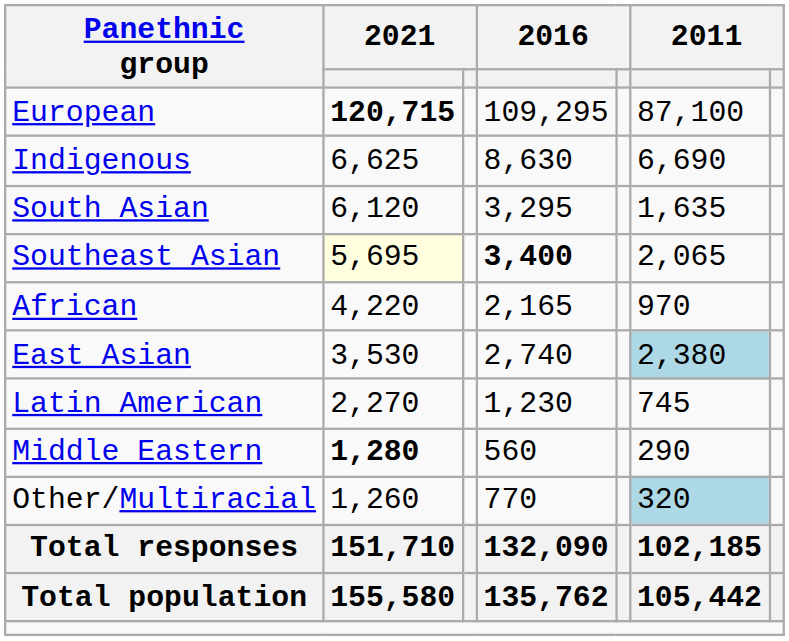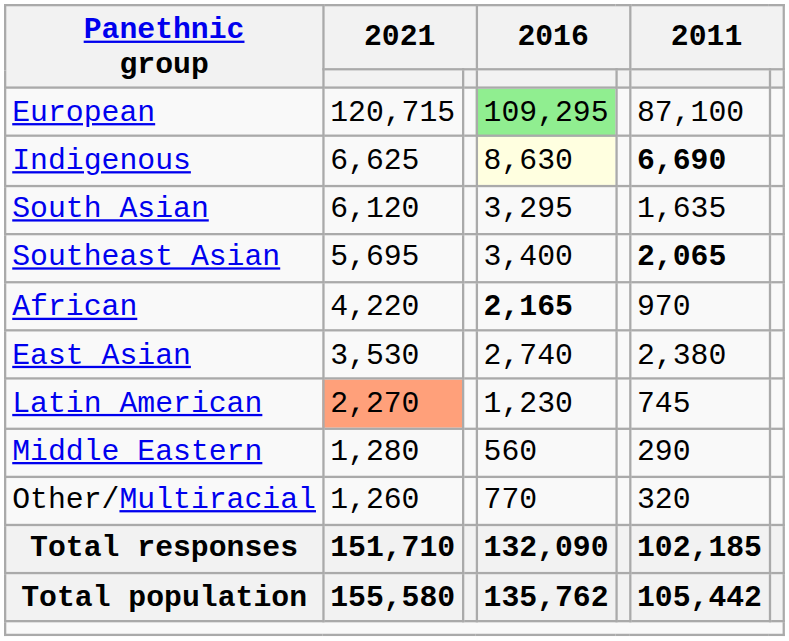 <table class="wikitable collapsible sortable">
 <tr>
 <th rowspan="2"><a href='#'>Panethnic</a><br>group</th>
 <th colspan="2">2021</th>
 <th colspan="2">2016</th>
 <th colspan="2">2011</th>
 </tr>
 <tr>
 <th><a href='#'></a></th>
 <th></th>
 <th></th>
 <th></th>
 <th></th>
 <th></th>
 </tr>
 <tr>
 <td><a href='#'>European</a></td>
-<td><strong>120,715</strong></td>
+<td>120,715</td>
 <td></td>
-<td>109,295</td>
+<td style="background: lightgreen;">109,295</td>
 <td></td>
 <td>87,100</td>
 <td></td>
 </tr>
 <tr>
 <td><a href='#'>Indigenous</a></td>
 <td>6,625</td>
 <td></td>
-<td>8,630</td>
+<td style="background: lightyellow;">8,630</td>
 <td></td>
-<td>6,690</td>
+<td><strong>6,690</strong></td>
 <td></td>
 </tr>
 <tr>
 <td><a href='#'>South Asian</a></td>
 <td>6,120</td>
 <td></td>
 <td>3,295</td>
 <td></td>
 <td>1,635</td>
 <td></td>
 </tr>
 <tr>
 <td><a href='#'>Southeast Asian</a></td>
-<td style="background: lightyellow;">5,695</td>
+<td>5,695</td>
 <td></td>
-<td><strong>3,400</strong></td>
+<td>3,400</td>
 <td></td>
-<td>2,065</td>
+<td><strong>2,065</strong></td>
 <td></td>
 </tr>
 <tr>
 <td><a href='#'>African</a></td>
 <td>4,220</td>
 <td></td>
-<td>2,165</td>
+<td><strong>2,165</strong></td>
 <td></td>
 <td>970</td>
 <td></td>
 </tr>
 <tr>
 <td><a href='#'>East Asian</a></td>
 <td>3,530</td>
 <td></td>
 <td>2,740</td>
 <td></td>
-<td style="background: lightblue;">2,380</td>
+<td>2,380</td>
 <td></td>
 </tr>
 <tr>
 <td><a href='#'>Latin American</a></td>
-<td>2,270</td>
+<td style="background: lightsalmon;">2,270</td>
 <td></td>
 <td>1,230</td>
 <td></td>
 <td>745</td>
 <td></td>
 </tr>
 <tr>
 <td><a href='#'>Middle Eastern</a></td>
-<td><strong>1,280</strong></td>
+<td>1,280</td>
 <td></td>
 <td>560</td>
 <td></td>
 <td>290</td>
 <td></td>
 </tr>
 <tr>
 <td>Other/<a href='#'>Multiracial</a></td>
 <td>1,260</td>
 <td></td>
 <td>770</td>
 <td></td>
-<td style="background: lightblue;">320</td>
+<td>320</td>
 <td></td>
 </tr>
 <tr>
 <th>Total responses</th>
 <th>151,710</th>
 <th></th>
 <th>132,090</th>
 <th></th>
 <th>102,185</th>
 <th></th>
 </tr>
 <tr>
 <th>Total population</th>
 <th>155,580</th>
 <th></th>
 <th>135,762</th>
 <th></th>
 <th>105,442</th>
 <th></th>
 </tr>
 <tr class="sortbottom">
 <td colspan="15"></td>
 </tr>
 </table>
